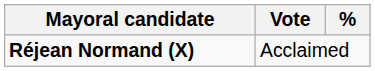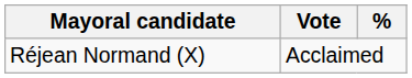 <table class="wikitable">
 <tr>
 <th bgcolor="#DDDDFF" width="200px">Mayoral candidate</th>
 <th bgcolor="#DDDDFF" width="50px">Vote</th>
 <th bgcolor="#DDDDFF"  width="30px">%</th>
 </tr>
 <tr>
-<td><strong>Réjean Normand (X)</strong></td>
+<td>Réjean Normand (X)</td>
 <td colspan="2">Acclaimed</td>
 </tr>
 </table>
